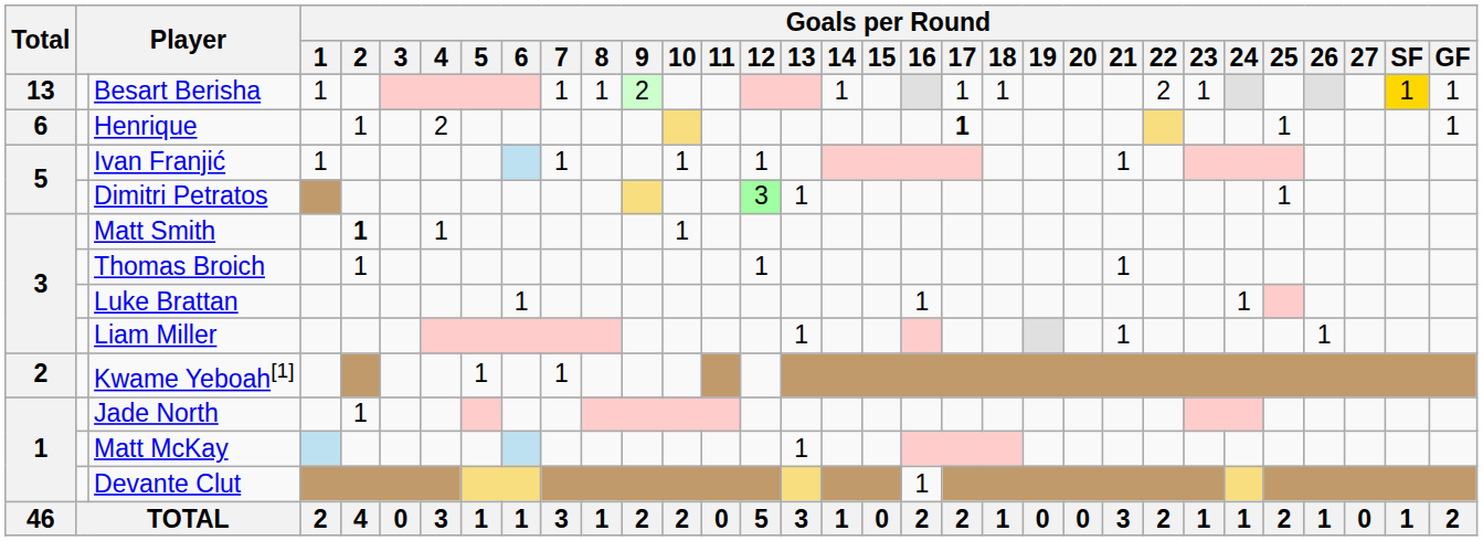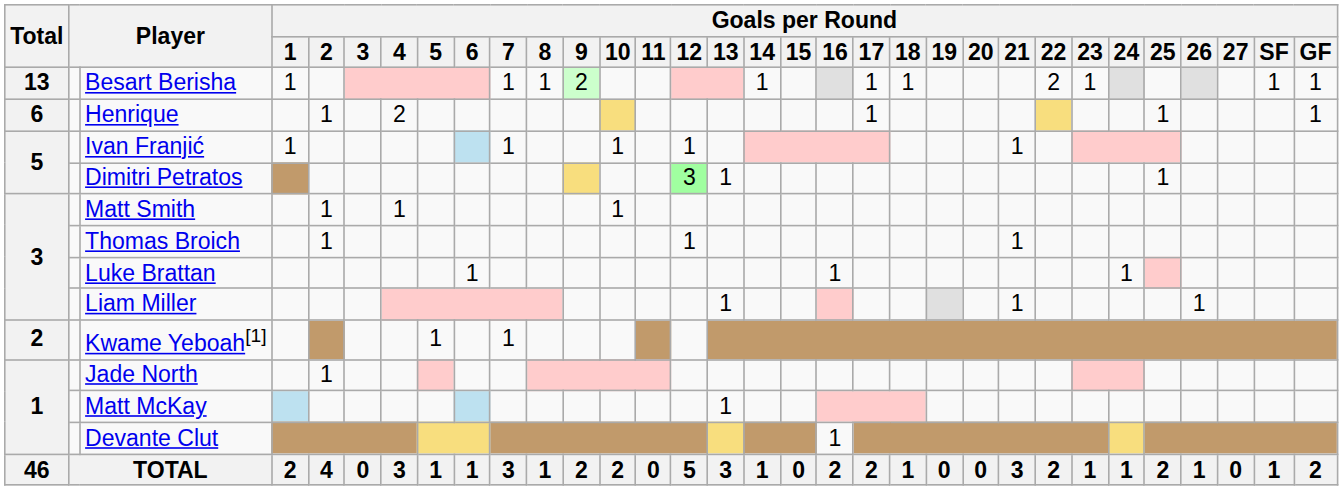 <table class="wikitable" style="text-align:center; line-height: 90%; font-size:90%;">
 <tr>
 <th rowspan=2>Total</th>
 <th rowspan=2 colspan=2>Player</th>
 <th colspan="29">Goals per Round</th>
 </tr>
 <tr>
 <th> 1 </th>
 <th> 2 </th>
 <th> 3 </th>
 <th> 4 </th>
 <th> 5 </th>
 <th> 6 </th>
 <th> 7 </th>
 <th> 8 </th>
 <th> 9 </th>
 <th>10</th>
 <th>11</th>
 <th>12</th>
 <th>13</th>
 <th>14</th>
 <th>15</th>
 <th>16</th>
 <th>17</th>
 <th>18</th>
 <th>19</th>
 <th>20</th>
 <th>21</th>
 <th>22</th>
 <th>23</th>
 <th>24</th>
 <th>25</th>
 <th>26</th>
 <th>27</th>
 <th>SF</th>
 <th>GF</th>
 </tr>
 <tr>
 <th rowspan="1">13</th>
 <td></td>
 <td style="text-align:left;"><a href='#'>Besart Berisha</a></td>
 <td>1</td>
 <td></td>
 <td colspan="4" style="background:#FFCCCC;"></td>
 <td>1</td>
 <td>1</td>
 <td style="background:#CCFFCC;">2</td>
 <td></td>
 <td></td>
 <td colspan="2" style="background:#FFCCCC;"></td>
 <td>1</td>
 <td></td>
 <td style="background:#E0E0E0;"></td>
 <td>1</td>
 <td>1</td>
 <td></td>
 <td></td>
 <td></td>
 <td>2</td>
 <td>1</td>
 <td style="background:#E0E0E0;"></td>
 <td></td>
 <td style="background:#E0E0E0;"></td>
 <td></td>
-<td style="background: gold;">1</td>
+<td>1</td>
 <td>1</td>
 </tr>
 <tr>
 <th rowspan="1">6</th>
 <td></td>
 <td style="text-align:left;"><a href='#'>Henrique</a></td>
 <td></td>
 <td>1</td>
 <td></td>
 <td>2</td>
 <td></td>
 <td></td>
 <td></td>
 <td></td>
 <td></td>
 <td style="background:#F8DE7E;"></td>
 <td></td>
 <td></td>
 <td></td>
 <td></td>
 <td></td>
 <td></td>
-<td><strong>1</strong></td>
+<td>1</td>
 <td></td>
 <td></td>
 <td></td>
 <td></td>
 <td style="background:#F8DE7E;"></td>
 <td></td>
 <td></td>
 <td>1</td>
 <td></td>
 <td></td>
 <td></td>
 <td>1</td>
 </tr>
 <tr>
 <th rowspan="2">5</th>
 <td></td>
 <td style="text-align:left;"><a href='#'>Ivan Franjić</a></td>
 <td>1</td>
 <td></td>
 <td></td>
 <td></td>
 <td></td>
 <td style="background:#BDE1F0;"></td>
 <td>1</td>
 <td></td>
 <td></td>
 <td>1</td>
 <td></td>
 <td>1</td>
 <td></td>
 <td colspan="4" style="background:#FFCCCC;"></td>
 <td></td>
 <td></td>
 <td></td>
 <td>1</td>
 <td></td>
 <td colspan="3" style="background:#FFCCCC;"></td>
 <td></td>
 <td></td>
 <td></td>
 <td></td>
 </tr>
 <tr>
 <td></td>
 <td style="text-align:left;"><a href='#'>Dimitri Petratos</a></td>
 <td style="background:#C19A6B;"></td>
 <td></td>
 <td></td>
 <td></td>
 <td></td>
 <td></td>
 <td></td>
 <td></td>
 <td style="background:#F8DE7E;"></td>
 <td></td>
 <td></td>
 <td style="background:#A0FFA0;">3</td>
 <td>1</td>
 <td></td>
 <td></td>
 <td></td>
 <td></td>
 <td></td>
 <td></td>
 <td></td>
 <td></td>
 <td></td>
 <td></td>
 <td></td>
 <td>1</td>
 <td></td>
 <td></td>
 <td></td>
 <td></td>
 </tr>
 <tr>
 <th rowspan="4">3</th>
 <td></td>
 <td style="text-align:left;"><a href='#'>Matt Smith</a></td>
 <td></td>
-<td><strong>1</strong></td>
+<td>1</td>
 <td></td>
 <td>1</td>
 <td></td>
 <td></td>
 <td></td>
 <td></td>
 <td></td>
 <td>1</td>
 <td></td>
 <td></td>
 <td></td>
 <td></td>
 <td></td>
 <td></td>
 <td></td>
 <td></td>
 <td></td>
 <td></td>
 <td></td>
 <td></td>
 <td></td>
 <td></td>
 <td></td>
 <td></td>
 <td></td>
 <td></td>
 <td></td>
 </tr>
 <tr>
 <td></td>
 <td style="text-align:left;"><a href='#'>Thomas Broich</a></td>
 <td></td>
 <td>1</td>
 <td></td>
 <td></td>
 <td></td>
 <td></td>
 <td></td>
 <td></td>
 <td></td>
 <td></td>
 <td></td>
 <td>1</td>
 <td></td>
 <td></td>
 <td></td>
 <td></td>
 <td></td>
 <td></td>
 <td></td>
 <td></td>
 <td>1</td>
 <td></td>
 <td></td>
 <td></td>
 <td></td>
 <td></td>
 <td></td>
 <td></td>
 <td></td>
 </tr>
 <tr>
 <td></td>
 <td style="text-align:left;"><a href='#'>Luke Brattan</a></td>
 <td></td>
 <td></td>
 <td></td>
 <td></td>
 <td></td>
 <td>1</td>
 <td></td>
 <td></td>
 <td></td>
 <td></td>
 <td></td>
 <td></td>
 <td></td>
 <td></td>
 <td></td>
 <td>1</td>
 <td></td>
 <td></td>
 <td></td>
 <td></td>
 <td></td>
 <td></td>
 <td></td>
 <td>1</td>
 <td style="background:#FFCCCC;"></td>
 <td></td>
 <td></td>
 <td></td>
 <td></td>
 </tr>
 <tr>
 <td></td>
 <td style="text-align:left;"><a href='#'>Liam Miller</a></td>
 <td></td>
 <td></td>
 <td></td>
 <td colspan="5" style="background:#FFCCCC;"></td>
 <td></td>
 <td></td>
 <td></td>
 <td></td>
 <td>1</td>
 <td></td>
 <td></td>
 <td style="background-color:#FFCCCC;"></td>
 <td></td>
 <td></td>
 <td style="background-color:#E0E0E0;"></td>
 <td></td>
 <td>1</td>
 <td></td>
 <td></td>
 <td></td>
 <td></td>
 <td>1</td>
 <td></td>
 <td></td>
 <td></td>
 </tr>
 <tr>
 <th rowspan="1">2</th>
 <td></td>
 <td style="text-align:left;"><a href='#'>Kwame Yeboah</a><sup>[1]</sup></td>
 <td></td>
 <td style="background:#C19A6B;"></td>
 <td></td>
 <td></td>
 <td>1</td>
 <td></td>
 <td>1</td>
 <td></td>
 <td></td>
 <td></td>
 <td style="background:#C19A6B;"></td>
 <td></td>
 <td colspan="17" style="background:#C19A6B;"></td>
 </tr>
 <tr>
 <th rowspan="3">1</th>
 <td></td>
 <td style="text-align:left;"><a href='#'>Jade North</a></td>
 <td></td>
 <td>1</td>
 <td></td>
 <td></td>
 <td style="background:#FFCCCC;"></td>
 <td></td>
 <td></td>
 <td colspan="4" style="background:#FFCCCC;"></td>
 <td></td>
 <td></td>
 <td></td>
 <td></td>
 <td></td>
 <td></td>
 <td></td>
 <td></td>
 <td></td>
 <td></td>
 <td></td>
 <td colspan="2" style="background:#FFCCCC;"></td>
 <td></td>
 <td></td>
 <td></td>
 <td></td>
 <td></td>
 </tr>
 <tr>
 <td></td>
 <td style="text-align:left;"><a href='#'>Matt McKay</a></td>
 <td style="background:#BDE1F0;"></td>
 <td></td>
 <td></td>
 <td></td>
 <td></td>
 <td style="background:#BDE1F0;"></td>
 <td></td>
 <td></td>
 <td></td>
 <td></td>
 <td></td>
 <td></td>
 <td>1</td>
 <td></td>
 <td></td>
 <td colspan="3" style="background-color:#FFCCCC;"></td>
 <td></td>
 <td></td>
 <td></td>
 <td></td>
 <td></td>
 <td></td>
 <td></td>
 <td></td>
 <td></td>
 <td></td>
 <td></td>
 </tr>
 <tr>
 <td></td>
 <td style="text-align:left;"><a href='#'>Devante Clut</a></td>
 <td colspan="4" style="background:#C19A6B;"></td>
 <td colspan="2" style="background:#F8DE7E;"></td>
 <td colspan="6" style="background:#C19A6B;"></td>
 <td style="background:#F8DE7E;"></td>
 <td colspan="2" style="background:#C19A6B;"></td>
 <td>1</td>
 <td colspan="7" style="background:#C19A6B;"></td>
 <td style="background:#F8DE7E;"></td>
 <td colspan="5" style="background:#C19A6B;"></td>
 </tr>
 <tr>
 <th rowspan="1">46</th>
 <th colspan="2">TOTAL</th>
 <th style="text-align:center;">2</th>
 <th>4</th>
 <th>0</th>
 <th>3</th>
 <th>1</th>
 <th>1</th>
 <th>3</th>
 <th>1</th>
 <th>2</th>
 <th>2</th>
 <th>0</th>
 <th>5</th>
 <th>3</th>
 <th>1</th>
 <th>0</th>
 <th>2</th>
 <th>2</th>
 <th>1</th>
 <th>0</th>
 <th>0</th>
 <th>3</th>
 <th>2</th>
 <th>1</th>
 <th>1</th>
 <th>2</th>
 <th>1</th>
 <th>0</th>
 <th>1</th>
 <th>2</th>
 </tr>
 </table>
